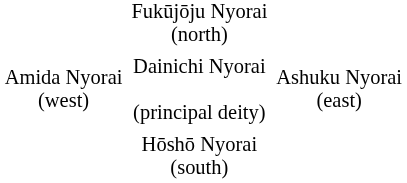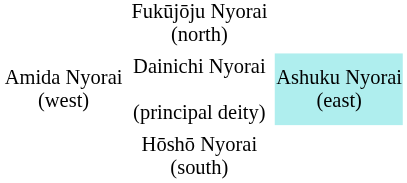 <table border="0" cellspacing="5">
 <tr>
 <td></td>
 <td align = "center">Fukūjōju Nyorai<br>(north)</td>
 <td></td>
 </tr>
 <tr>
 <td align = "center">Amida Nyorai<br>(west)</td>
 <td align = "center">Dainichi Nyorai<br><br>(principal deity)</td>
-<td align = "center">Ashuku Nyorai<br>(east)</td>
+<td align = "center" style="background: paleturquoise;">Ashuku Nyorai<br>(east)</td>
 </tr>
 <tr>
 <td></td>
 <td align = "center">Hōshō Nyorai<br>(south)</td>
 <td></td>
 </tr>
 </table>
